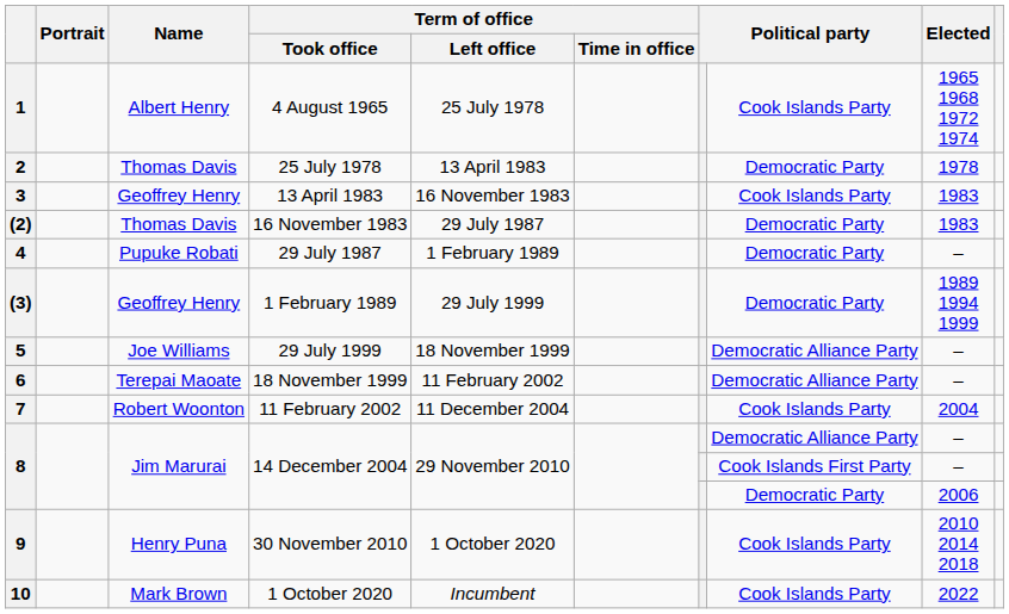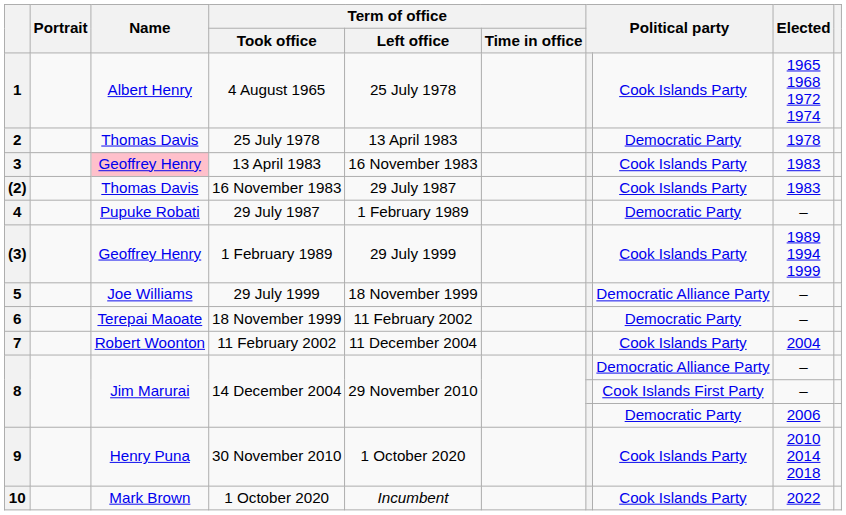 <table class="wikitable" style="text-align:center">
 <tr>
 <th rowspan=2></th>
 <th rowspan=2>Portrait</th>
 <th rowspan=2>Name<br></th>
 <th colspan=3>Term of office</th>
 <th colspan=2 rowspan=2>Political party</th>
 <th rowspan=2>Elected</th>
 <th rowspan=2></th>
 </tr>
 <tr>
 <th>Took office</th>
 <th>Left office</th>
 <th>Time in office</th>
 </tr>
 <tr>
 <th>1</th>
 <td></td>
 <td><a href='#'>Albert Henry</a><br></td>
 <td>4 August 1965</td>
 <td>25 July 1978</td>
 <td></td>
 <th style="background:"></th>
 <td><a href='#'>Cook Islands Party</a></td>
 <td><a href='#'>1965</a><br><a href='#'>1968</a><br><a href='#'>1972</a><br><a href='#'>1974</a></td>
 <td></td>
 </tr>
 <tr>
 <th>2</th>
 <td></td>
 <td><a href='#'>Thomas Davis</a><br></td>
 <td>25 July 1978</td>
 <td>13 April 1983</td>
 <td></td>
 <th style="background:"></th>
 <td><a href='#'>Democratic Party</a></td>
 <td><a href='#'>1978</a></td>
 <td></td>
 </tr>
 <tr>
 <th>3</th>
 <td></td>
-<td><a href='#'>Geoffrey Henry</a><br></td>
+<td style="background: pink;"><a href='#'>Geoffrey Henry</a><br></td>
 <td>13 April 1983</td>
 <td>16 November 1983</td>
 <td></td>
 <th style="background:"></th>
 <td><a href='#'>Cook Islands Party</a></td>
 <td><a href='#'>1983 </a></td>
 <td></td>
 </tr>
 <tr>
 <th>(2)</th>
 <td></td>
 <td><a href='#'>Thomas Davis</a><br></td>
 <td>16 November 1983</td>
 <td>29 July 1987</td>
 <td></td>
 <th style="background:"></th>
-<td><a href='#'>Democratic Party</a></td>
+<td><a href='#'>Cook Islands Party</a></td>
 <td><a href='#'>1983 </a></td>
 <td></td>
 </tr>
 <tr>
 <th>4</th>
 <td></td>
 <td><a href='#'>Pupuke Robati</a><br></td>
 <td>29 July 1987</td>
 <td>1 February 1989</td>
 <td></td>
 <th style="background:"></th>
 <td><a href='#'>Democratic Party</a></td>
 <td>–</td>
 <td></td>
 </tr>
 <tr>
 <th>(3)</th>
 <td></td>
 <td><a href='#'>Geoffrey Henry</a><br></td>
 <td>1 February 1989</td>
 <td>29 July 1999</td>
 <td></td>
 <th style="background:"></th>
-<td><a href='#'>Democratic Party</a><br></td>
+<td><a href='#'>Cook Islands Party</a></td>
 <td><a href='#'>1989</a><br><a href='#'>1994</a><br><a href='#'>1999</a></td>
 <td></td>
 </tr>
 <tr>
 <th>5</th>
 <td></td>
 <td><a href='#'>Joe Williams</a><br></td>
 <td>29 July 1999</td>
 <td>18 November 1999</td>
 <td></td>
 <th style="background:"></th>
 <td><a href='#'>Democratic Alliance Party</a></td>
 <td>–</td>
 <td></td>
 </tr>
 <tr>
 <th>6</th>
 <td></td>
 <td><a href='#'>Terepai Maoate</a><br></td>
 <td>18 November 1999</td>
 <td>11 February 2002</td>
 <td></td>
 <th style="background:"></th>
-<td><a href='#'>Democratic Alliance Party</a></td>
+<td><a href='#'>Democratic Party</a><br></td>
 <td>–</td>
 <td></td>
 </tr>
 <tr>
 <th>7</th>
 <td></td>
 <td><a href='#'>Robert Woonton</a><br></td>
 <td>11 February 2002</td>
 <td>11 December 2004</td>
 <td></td>
 <th style="background:"></th>
 <td><a href='#'>Cook Islands Party</a></td>
 <td><a href='#'>2004</a></td>
 <td></td>
 </tr>
 <tr>
 <th rowspan=3>8</th>
 <td rowspan=3></td>
 <td rowspan=3><a href='#'>Jim Marurai</a><br></td>
 <td rowspan=3>14 December 2004</td>
 <td rowspan=3>29 November 2010</td>
 <td rowspan=3></td>
 <th style="background:"></th>
 <td><a href='#'>Democratic Alliance Party</a><br></td>
 <td>–</td>
 <td></td>
 </tr>
 <tr>
 <th style="background:"></th>
 <td><a href='#'>Cook Islands First Party</a><br></td>
 <td>–</td>
 <td></td>
 </tr>
 <tr>
 <th style="background:"></th>
 <td><a href='#'>Democratic Party</a><br></td>
 <td><a href='#'>2006</a></td>
 <td></td>
 </tr>
 <tr>
 <th>9</th>
 <td></td>
 <td><a href='#'>Henry Puna</a><br></td>
 <td>30 November 2010</td>
 <td>1 October 2020</td>
 <td></td>
 <th style="background:"></th>
 <td><a href='#'>Cook Islands Party</a></td>
 <td><a href='#'>2010</a><br><a href='#'>2014</a><br><a href='#'>2018</a></td>
 <td></td>
 </tr>
 <tr>
 <th>10</th>
 <td></td>
 <td><a href='#'>Mark Brown</a><br></td>
 <td>1 October 2020</td>
 <td><em>Incumbent</em></td>
 <td></td>
 <th style="background:"></th>
 <td><a href='#'>Cook Islands Party</a></td>
 <td><a href='#'>2022</a></td>
 <td></td>
 </tr>
 </table>
